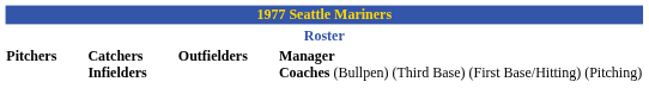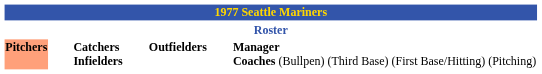 <table class="toccolours" style="font-size: 95%;">
 <tr>
 <th colspan="10" style="background-color: #3355AA; color: gold; text-align: center;">1977 Seattle Mariners</th>
 </tr>
 <tr>
 <td colspan="10" style="background-color: #gold; color: #3355AA; text-align: center;"><strong>Roster</strong></td>
 </tr>
 <tr>
-<td valign="top"><strong>Pitchers</strong><br>                    </td>
+<td valign="top" style="background: lightsalmon;"><strong>Pitchers</strong><br>                    </td>
 <td width="25px"></td>
 <td valign="top"><strong>Catchers</strong><br>     <strong>Infielders</strong>          </td>
 <td width="25px"></td>
 <td valign="top"><strong>Outfielders</strong><br>      </td>
 <td width="25px"></td>
 <td valign="top"><strong>Manager</strong><br> <strong>Coaches</strong>  (Bullpen)  (Third Base)  (First Base/Hitting)  (Pitching)</td>
 </tr>
 <tr>
 </tr>
 </table>
